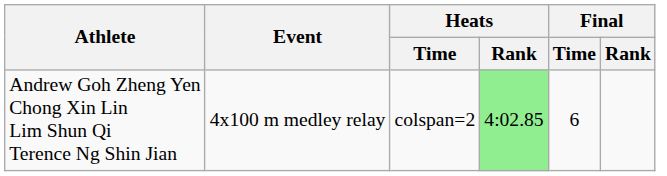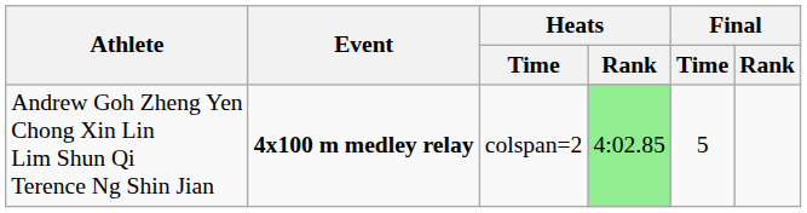 <table class="wikitable" style="font-size:90%">
 <tr>
 <th rowspan="2">Athlete</th>
 <th rowspan="2">Event</th>
 <th colspan="2">Heats</th>
 <th colspan="2">Final</th>
 </tr>
 <tr align="center">
 <th>Time</th>
 <th>Rank</th>
 <th>Time</th>
 <th>Rank</th>
 </tr>
 <tr align="center">
 <td align="left">Andrew Goh Zheng Yen<br>Chong Xin Lin<br>Lim Shun Qi<br>Terence Ng Shin Jian</td>
-<td align="left">4x100 m medley relay</td>
+<td align="left"><strong>4x100 m medley relay</strong></td>
 <td>colspan=2 </td>
 <td style="background: lightgreen;">4:02.85</td>
-<td>6</td>
+<td>5</td>
 </tr>
 </table>
